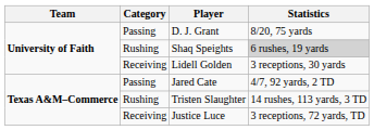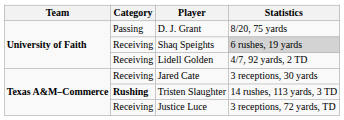 <table class="wikitable" style="float: right;">
 <tr>
 <th>Team</th>
 <th>Category</th>
 <th>Player</th>
 <th>Statistics</th>
 </tr>
 <tr>
 <td rowspan=3><strong>University of Faith</strong></td>
 <td>Passing</td>
 <td>D. J. Grant</td>
 <td>8/20, 75 yards</td>
 </tr>
 <tr>
-<td>Rushing</td>
+<td>Receiving</td>
 <td>Shaq Speights</td>
 <td style="background: lightgrey;">6 rushes, 19 yards</td>
 </tr>
 <tr>
 <td>Receiving</td>
 <td>Lidell Golden</td>
+<td>4/7, 92 yards, 2 TD</td>
+</tr>
+<tr>
+<td rowspan=3><strong>Texas A&M–Commerce</strong></td>
+<td>Receiving</td>
+<td>Jared Cate</td>
 <td>3 receptions, 30 yards</td>
 </tr>
 <tr>
-<td rowspan=3><strong>Texas A&M–Commerce</strong></td>
-<td>Passing</td>
-<td>Jared Cate</td>
-<td>4/7, 92 yards, 2 TD</td>
-</tr>
-<tr>
-<td>Rushing</td>
+<td><strong>Rushing</strong></td>
 <td>Tristen Slaughter</td>
 <td>14 rushes, 113 yards, 3 TD</td>
 </tr>
 <tr>
 <td>Receiving</td>
 <td>Justice Luce</td>
 <td>3 receptions, 72 yards, TD</td>
 </tr>
 </table>
